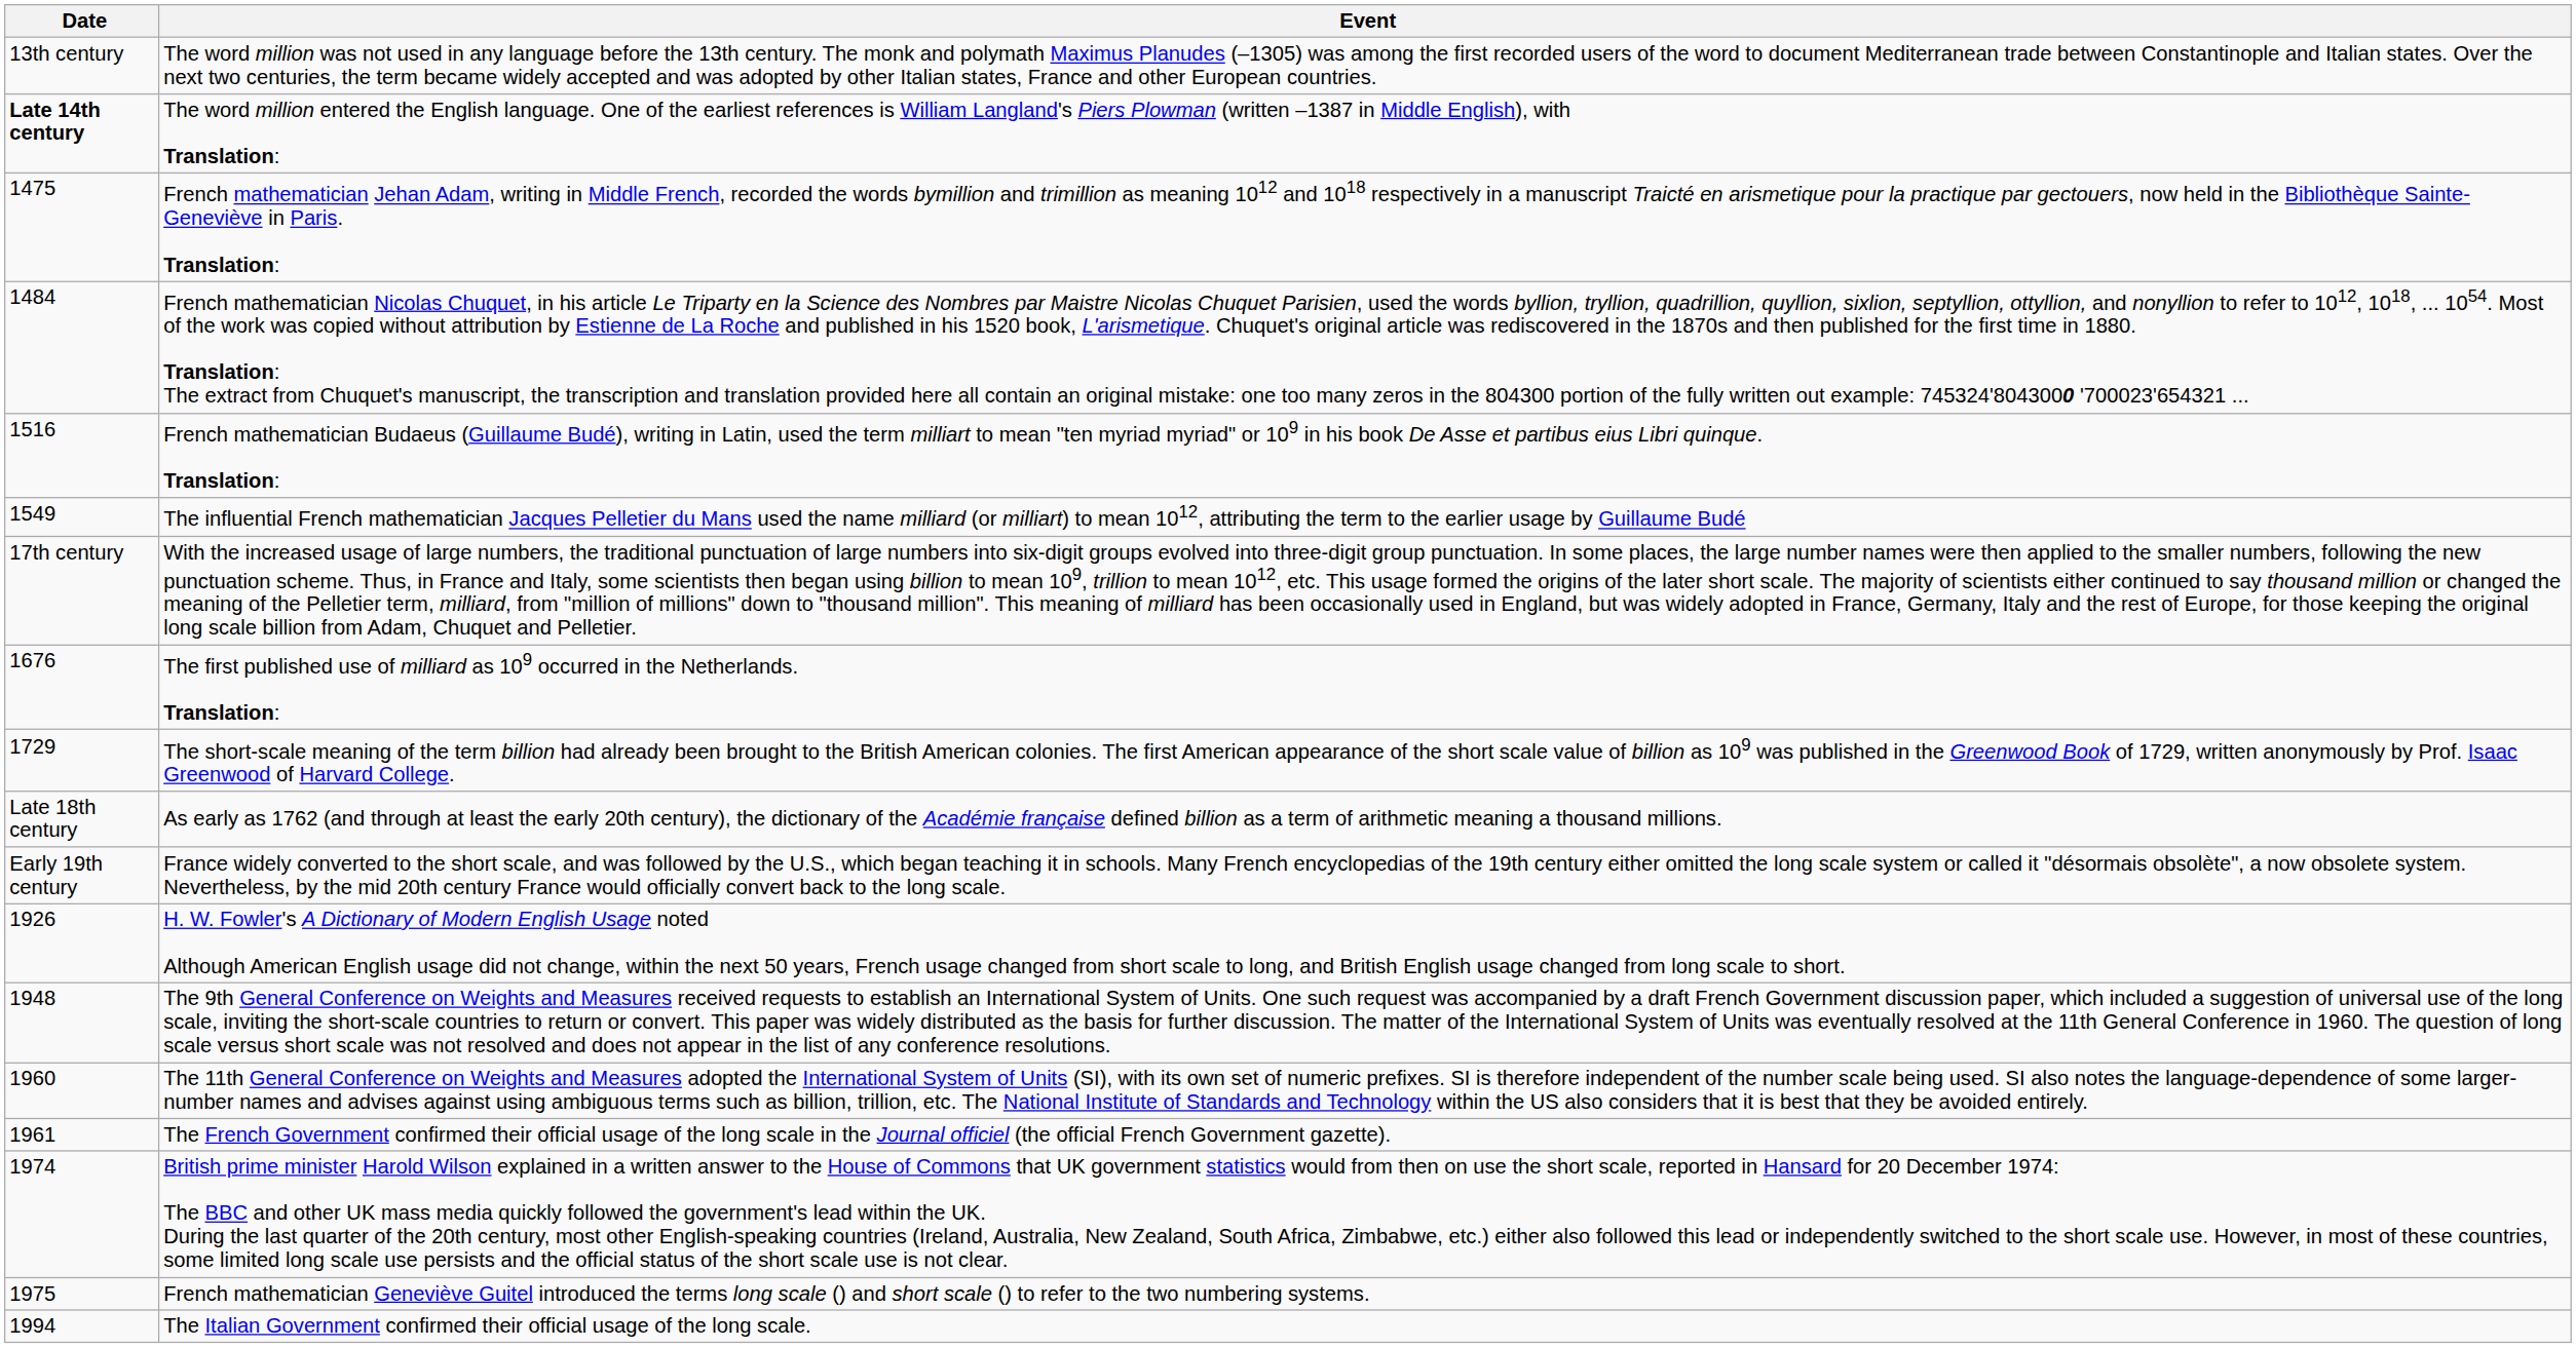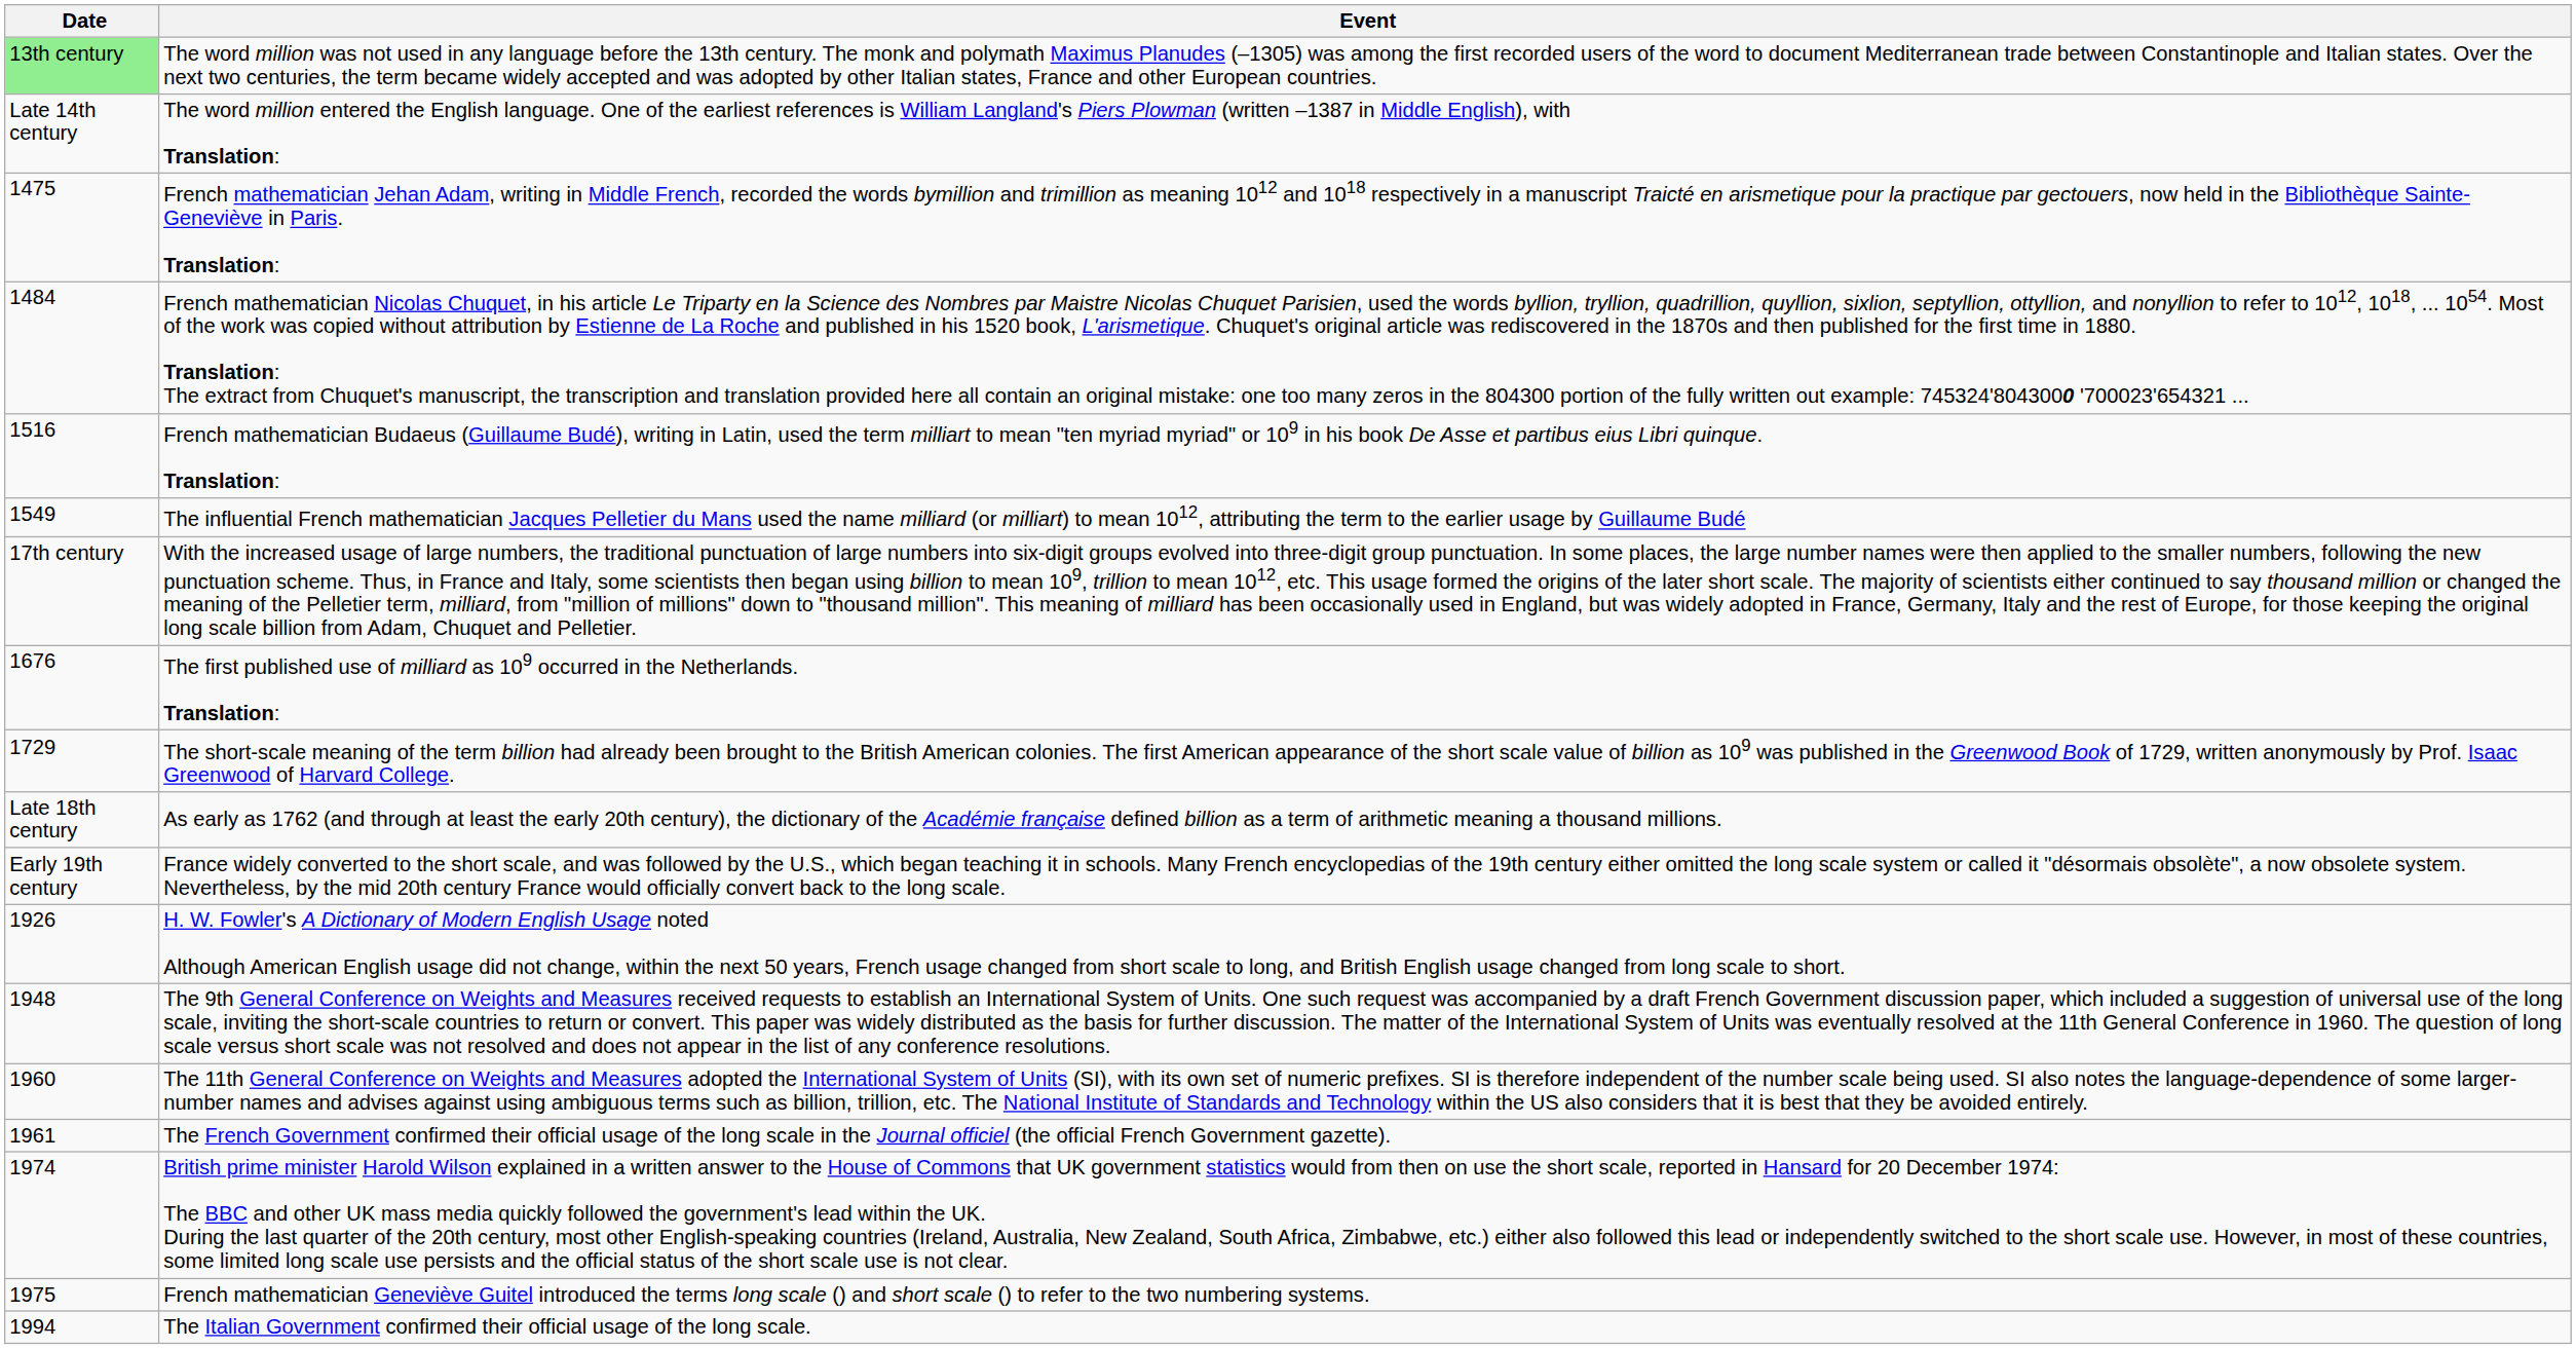 <table class="wikitable" style="width:100%;">
 <tr>
 <th style="width:6%; vertical-align:top;"> Date</th>
 <th style="width:94%; vertical-align:top;"> Event</th>
 </tr>
 <tr>
-<td valign="top">13th century</td>
+<td valign="top" style="background: lightgreen;">13th century</td>
 <td>The word <em>million</em> was not used in any language before the 13th century. The monk and polymath <a href='#'>Maximus Planudes</a> (–1305) was among the first recorded users of the word to document Mediterranean trade between Constantinople and Italian states. Over the next two centuries, the term became widely accepted and was adopted by other Italian states, France and other European countries.</td>
 </tr>
 <tr>
-<td valign="top"><strong>Late 14th century</strong></td>
+<td valign="top">Late 14th century</td>
 <td> The word <em>million</em> entered the English language. One of the earliest references is <a href='#'>William Langland</a>'s <em><a href='#'>Piers Plowman</a></em> (written –1387 in <a href='#'>Middle English</a>), with<br><br><strong>Translation</strong>: </td>
 </tr>
 <tr>
 <td valign="top">1475</td>
 <td>French <a href='#'>mathematician</a> <a href='#'>Jehan Adam</a>, writing in <a href='#'>Middle French</a>, recorded the words <em>bymillion</em> and <em>trimillion</em> as meaning 10<sup>12</sup> and 10<sup>18</sup> respectively in a manuscript <em>Traicté en arismetique pour la practique par gectouers</em>, now held in the <a href='#'>Bibliothèque Sainte-Geneviève</a> in <a href='#'>Paris</a>.<br><br><strong>Translation</strong>: </td>
 </tr>
 <tr>
 <td valign="top">1484</td>
 <td> French mathematician <a href='#'>Nicolas Chuquet</a>, in his article <em>Le Triparty en la Science des Nombres par Maistre Nicolas Chuquet Parisien</em>, used the words <em>byllion,</em> <em>tryllion,</em> <em>quadrillion,</em> <em>quyllion,</em> <em>sixlion,</em> <em>septyllion,</em> <em>ottyllion,</em> and <em>nonyllion</em> to refer to 10<sup>12</sup>, 10<sup>18</sup>, ... 10<sup>54</sup>. Most of the work was copied without attribution by <a href='#'>Estienne de La Roche</a> and published in his 1520 book, <em><a href='#'>L'arismetique</a></em>. Chuquet's original article was rediscovered in the 1870s and then published for the first time in 1880.<br><br><strong>Translation</strong>: <br>The extract from Chuquet's manuscript, the transcription and translation provided here all contain an original mistake: one too many zeros in the 804300 portion of the fully written out example: 745324'804300<strong><em>0</em></strong> '700023'654321 ...</td>
 </tr>
 <tr>
 <td valign="top">1516</td>
 <td> French mathematician Budaeus (<a href='#'>Guillaume Budé</a>), writing in Latin, used the term <em>milliart</em> to mean "ten myriad myriad" or 10<sup>9</sup> in his book <em>De Asse et partibus eius Libri quinque</em>.<br><br><strong>Translation</strong>: </td>
 </tr>
 <tr>
 <td valign="top">1549</td>
 <td>The influential French mathematician <a href='#'>Jacques Pelletier du Mans</a> used the name <em>milliard</em> (or <em>milliart</em>) to mean 10<sup>12</sup>, attributing the term to the earlier usage by <a href='#'>Guillaume Budé</a></td>
 </tr>
 <tr>
 <td valign="top">17th century</td>
 <td>With the increased usage of large numbers, the traditional punctuation of large numbers into six-digit groups evolved into three-digit group punctuation. In some places, the large number names were then applied to the smaller numbers, following the new punctuation scheme. Thus, in France and Italy, some scientists then began using <em>billion</em> to mean 10<sup>9</sup>, <em>trillion</em> to mean 10<sup>12</sup>, etc. This usage formed the origins of the later short scale. The majority of scientists either continued to say <em>thousand million</em> or changed the meaning of the Pelletier term, <em>milliard</em>, from "million of millions" down to "thousand million". This meaning of <em>milliard</em> has been occasionally used in England, but was widely adopted in France, Germany, Italy and the rest of Europe, for those keeping the original long scale billion from Adam, Chuquet and Pelletier.</td>
 </tr>
 <tr>
 <td valign="top">1676</td>
 <td>The first published use of <em>milliard</em> as 10<sup>9</sup> occurred in the Netherlands.<br><br><strong>Translation</strong>: </td>
 </tr>
 <tr>
 <td valign="top">1729</td>
 <td>The short-scale meaning of the term <em>billion</em> had already been brought to the British American colonies. The first American appearance of the short scale value of <em>billion</em> as 10<sup>9</sup> was published in the <em><a href='#'>Greenwood Book</a></em> of 1729, written anonymously by Prof. <a href='#'>Isaac Greenwood</a> of <a href='#'>Harvard College</a>.</td>
 </tr>
 <tr>
 <td valign="top">Late 18th century</td>
 <td>As early as 1762 (and through at least the early 20th century), the dictionary of the <em><a href='#'>Académie française</a></em> defined <em>billion</em> as a term of arithmetic meaning a thousand millions.</td>
 </tr>
 <tr>
 <td valign="top">Early 19th century</td>
 <td>France widely converted to the short scale, and was followed by the U.S., which began teaching it in schools. Many French encyclopedias of the 19th century either omitted the long scale system or called it "désormais obsolète", a now obsolete system. Nevertheless, by the mid 20th century France would officially convert back to the long scale.</td>
 </tr>
 <tr>
 <td valign="top">1926</td>
 <td> <a href='#'>H. W. Fowler</a>'s <em><a href='#'>A Dictionary of Modern English Usage</a></em> noted<br><br>Although American English usage did not change, within the next 50 years, French usage changed from short scale to long, and British English usage changed from long scale to short.</td>
 </tr>
 <tr>
 <td valign="top">1948</td>
 <td>The 9th <a href='#'>General Conference on Weights and Measures</a> received requests to establish an International System of Units. One such request was accompanied by a draft French Government discussion paper, which included a suggestion of universal use of the long scale, inviting the short-scale countries to return or convert. This paper was widely distributed as the basis for further discussion. The matter of the International System of Units was eventually resolved at the 11th General Conference in 1960. The question of long scale versus short scale was not resolved and does not appear in the list of any conference resolutions.</td>
 </tr>
 <tr>
 <td valign="top">1960</td>
 <td>The 11th <a href='#'>General Conference on Weights and Measures</a> adopted the <a href='#'>International System of Units</a> (SI), with its own set of numeric prefixes. SI is therefore independent of the number scale being used. SI also notes the language-dependence of some larger-number names and advises against using ambiguous terms such as billion, trillion, etc. The <a href='#'>National Institute of Standards and Technology</a> within the US also considers that it is best that they be avoided entirely.</td>
 </tr>
 <tr>
 <td valign="top">1961</td>
 <td>The <a href='#'>French Government</a> confirmed their official usage of the long scale in the <em><a href='#'>Journal officiel</a></em> (the official French Government gazette).</td>
 </tr>
 <tr>
 <td valign="top">1974</td>
 <td> <a href='#'>British prime minister</a> <a href='#'>Harold Wilson</a> explained in a written answer to the <a href='#'>House of Commons</a> that UK government <a href='#'>statistics</a> would from then on use the short scale, reported in <a href='#'>Hansard</a> for 20 December 1974:<br><br>The <a href='#'>BBC</a> and other UK mass media quickly followed the government's lead within the UK.<br>During the last quarter of the 20th century, most other English-speaking countries (Ireland, Australia, New Zealand, South Africa, Zimbabwe, etc.) either also followed this lead or independently switched to the short scale use. However, in most of these countries, some limited long scale use persists and the official status of the short scale use is not clear.</td>
 </tr>
 <tr>
 <td valign="top">1975</td>
 <td>French mathematician <a href='#'>Geneviève Guitel</a> introduced the terms <em>long scale</em> () and <em>short scale</em> () to refer to the two numbering systems.</td>
 </tr>
 <tr>
 <td valign="top">1994</td>
 <td>The <a href='#'>Italian Government</a> confirmed their official usage of the long scale.</td>
 </tr>
 </table>
